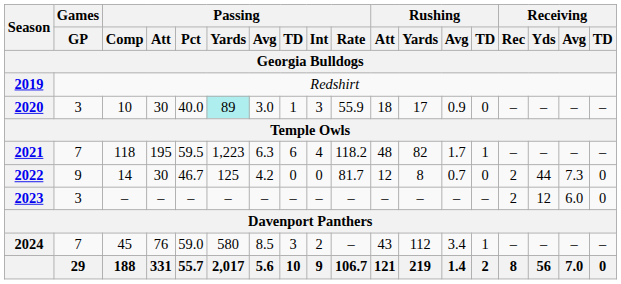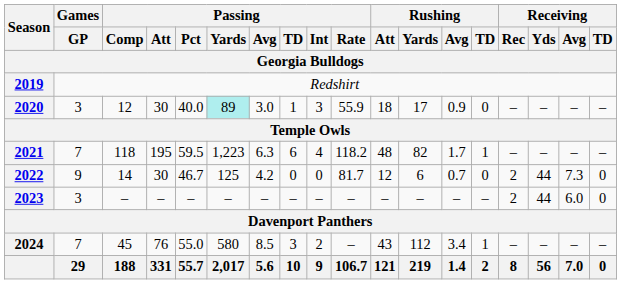 <table class="wikitable" style="text-align:center;">
 <tr>
 <th rowspan="2">Season</th>
 <th colspan="1">Games</th>
 <th colspan="8">Passing</th>
 <th colspan="4">Rushing</th>
 <th colspan="5">Receiving</th>
 </tr>
 <tr>
 <th>GP</th>
 <th>Comp</th>
 <th>Att</th>
 <th>Pct</th>
 <th>Yards</th>
 <th>Avg</th>
 <th>TD</th>
 <th>Int</th>
 <th>Rate</th>
 <th>Att</th>
 <th>Yards</th>
 <th>Avg</th>
 <th>TD</th>
 <th>Rec</th>
 <th>Yds</th>
 <th>Avg</th>
 <th>TD</th>
 </tr>
 <tr>
 <th colspan="18">Georgia Bulldogs</th>
 </tr>
 <tr>
 <th><a href='#'>2019</a></th>
 <td colspan="17"><em>Redshirt </em></td>
 </tr>
 <tr>
 <th><a href='#'>2020</a></th>
 <td>3</td>
-<td>10</td>
+<td>12</td>
 <td>30</td>
 <td>40.0</td>
 <td style="background: paleturquoise;">89</td>
 <td>3.0</td>
 <td>1</td>
 <td>3</td>
 <td>55.9</td>
 <td>18</td>
 <td>17</td>
 <td>0.9</td>
 <td>0</td>
 <td>–</td>
 <td>–</td>
 <td>–</td>
 <td>–</td>
 </tr>
 <tr>
 <th colspan="18">Temple Owls</th>
 </tr>
 <tr>
 <th><a href='#'>2021</a></th>
 <td>7</td>
 <td>118</td>
 <td>195</td>
 <td>59.5</td>
 <td>1,223</td>
 <td>6.3</td>
 <td>6</td>
 <td>4</td>
 <td>118.2</td>
 <td>48</td>
 <td>82</td>
 <td>1.7</td>
 <td>1</td>
 <td>–</td>
 <td>–</td>
 <td>–</td>
 <td>–</td>
 </tr>
 <tr>
 <th><a href='#'>2022</a></th>
 <td>9</td>
 <td>14</td>
 <td>30</td>
 <td>46.7</td>
 <td>125</td>
 <td>4.2</td>
 <td>0</td>
 <td>0</td>
 <td>81.7</td>
 <td>12</td>
-<td>8</td>
+<td>6</td>
 <td>0.7</td>
 <td>0</td>
 <td>2</td>
 <td>44</td>
 <td>7.3</td>
 <td>0</td>
 </tr>
 <tr>
 <th><a href='#'>2023</a></th>
 <td>3</td>
 <td>–</td>
 <td>–</td>
 <td>–</td>
 <td>–</td>
 <td>–</td>
 <td>–</td>
 <td>–</td>
 <td>–</td>
 <td>–</td>
 <td>–</td>
 <td>–</td>
 <td>–</td>
 <td>2</td>
-<td>12</td>
+<td>44</td>
 <td>6.0</td>
 <td>0</td>
 </tr>
 <tr>
 <th colspan="18">Davenport Panthers</th>
 </tr>
 <tr>
 <th>2024</th>
 <td>7</td>
 <td>45</td>
 <td>76</td>
-<td>59.0</td>
+<td>55.0</td>
 <td>580</td>
 <td>8.5</td>
 <td>3</td>
 <td>2</td>
 <td>–</td>
 <td>43</td>
 <td>112</td>
 <td>3.4</td>
 <td>1</td>
 <td>–</td>
 <td>–</td>
 <td>–</td>
 <td>–</td>
 </tr>
 <tr>
 <th></th>
 <th>29</th>
 <th>188</th>
 <th>331</th>
 <th>55.7</th>
 <th>2,017</th>
 <th>5.6</th>
 <th>10</th>
 <th>9</th>
 <th>106.7</th>
 <th>121</th>
 <th>219</th>
 <th>1.4</th>
 <th>2</th>
 <th>8</th>
 <th>56</th>
 <th>7.0</th>
 <th>0</th>
 </tr>
 </table>
